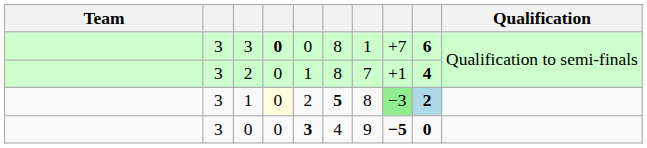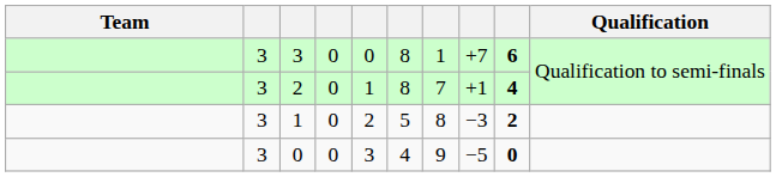 <table class="wikitable" style="text-align:center;">
 <tr>
 <th width=175>Team</th>
 <th width=20></th>
 <th width=20></th>
 <th width=20></th>
 <th width=20></th>
 <th width=20></th>
 <th width=20></th>
 <th width=20></th>
 <th width=20></th>
 <th>Qualification</th>
 </tr>
 <tr bgcolor="#ccffcc">
 <td align="left"></td>
 <td>3</td>
 <td>3</td>
-<td><strong>0</strong></td>
+<td>0</td>
 <td>0</td>
 <td>8</td>
 <td>1</td>
 <td>+7</td>
 <td><strong>6</strong></td>
 <td rowspan="2">Qualification to semi-finals</td>
 </tr>
 <tr bgcolor="#ccffcc">
 <td align="left"></td>
 <td>3</td>
 <td>2</td>
 <td>0</td>
 <td>1</td>
 <td>8</td>
 <td>7</td>
 <td>+1</td>
 <td><strong>4</strong></td>
 </tr>
 <tr>
 <td align="left"></td>
 <td>3</td>
 <td>1</td>
-<td style="background: lightyellow;">0</td>
+<td>0</td>
 <td>2</td>
-<td><strong>5</strong></td>
+<td>5</td>
 <td>8</td>
-<td style="background: lightgreen;">−3</td>
-<td style="background: lightblue;"><strong>2</strong></td>
+<td>−3</td>
+<td><strong>2</strong></td>
 <td></td>
 </tr>
 <tr>
 <td align="left"></td>
 <td>3</td>
 <td>0</td>
 <td>0</td>
-<td><strong>3</strong></td>
+<td>3</td>
 <td>4</td>
 <td>9</td>
-<td><strong>−5</strong></td>
+<td>−5</td>
 <td><strong>0</strong></td>
 <td></td>
 </tr>
 </table>
